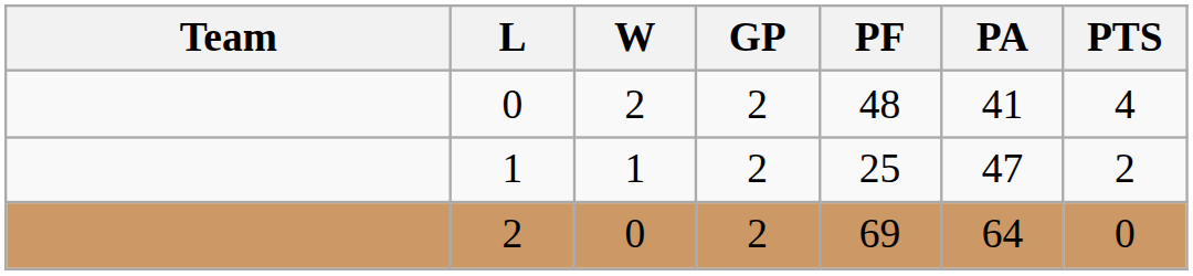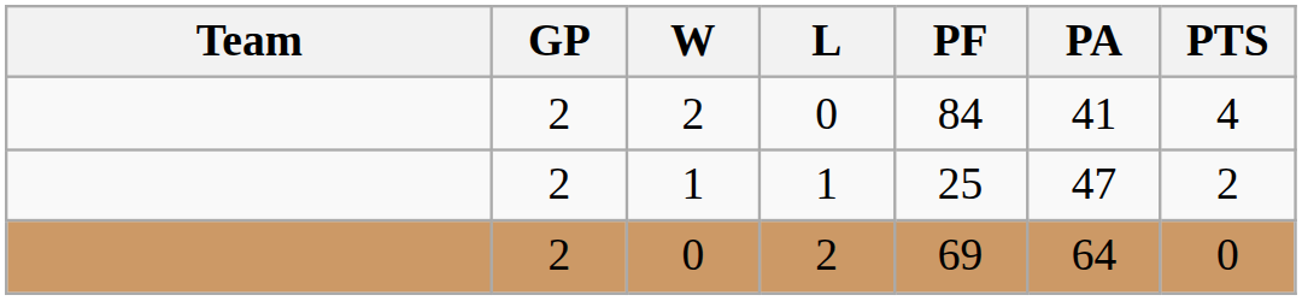 <table class="wikitable" style="text-align:center;">
 <tr>
 <th width=165>Team</th>
+<th width=40>GP</th>
+<th width=40>W</th>
 <th width=40>L</th>
-<th width=40>W</th>
-<th width=40>GP</th>
 <th width=40>PF</th>
 <th width=40>PA</th>
 <th width=40>PTS</th>
 </tr>
 <tr>
 <td style="text-align:left;"></td>
-<td>0</td>
 <td>2</td>
 <td>2</td>
-<td>48</td>
+<td>0</td>
+<td>84</td>
 <td>41</td>
 <td>4</td>
 </tr>
 <tr>
 <td style="text-align:left;"></td>
+<td>2</td>
 <td>1</td>
 <td>1</td>
-<td>2</td>
 <td>25</td>
 <td>47</td>
 <td>2</td>
 </tr>
 <tr style="background:cc9966"   bgcolor="cc9966">
 <td style="text-align:left;"> </td>
 <td>2</td>
 <td>0</td>
 <td>2</td>
 <td>69</td>
 <td>64</td>
 <td>0</td>
 </tr>
 </table>
